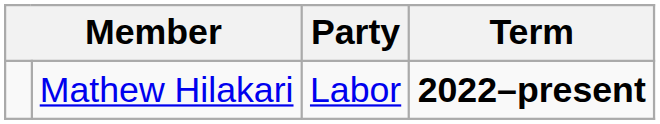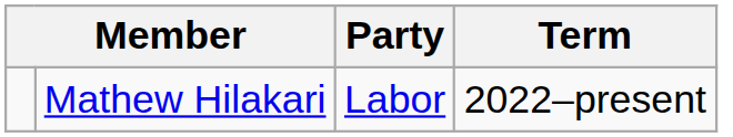 <table class="wikitable">
 <tr>
 <th colspan="2">Member</th>
 <th>Party</th>
 <th>Term</th>
 </tr>
 <tr>
 <td> </td>
 <td><a href='#'>Mathew Hilakari</a></td>
 <td><a href='#'>Labor</a></td>
-<td><strong>2022–present</strong></td>
+<td>2022–present</td>
 </tr>
 </table>
